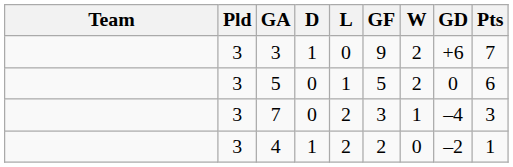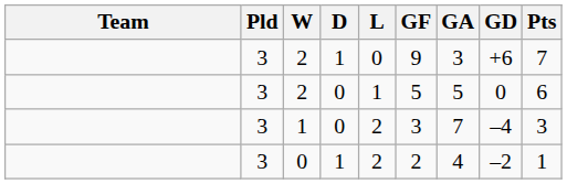 <table class="wikitable" style="text-align: center;">
 <tr>
 <th width="165">Team</th>
 <th width="20">Pld</th>
-<th width="20">GA</th>
+<th width="20">W</th>
 <th width="20">D</th>
 <th width="20">L</th>
 <th width="20">GF</th>
-<th width="20">W</th>
+<th width="20">GA</th>
 <th width="20">GD</th>
 <th width="20">Pts</th>
 </tr>
 <tr>
 <td style="text-align:left;"></td>
 <td>3</td>
-<td>3</td>
+<td>2</td>
 <td>1</td>
 <td>0</td>
 <td>9</td>
-<td>2</td>
+<td>3</td>
 <td>+6</td>
 <td>7</td>
 </tr>
 <tr>
 <td style="text-align:left;"></td>
 <td>3</td>
-<td>5</td>
+<td>2</td>
 <td>0</td>
 <td>1</td>
 <td>5</td>
-<td>2</td>
+<td>5</td>
 <td>0</td>
 <td>6</td>
 </tr>
 <tr bgcolor=>
 <td style="text-align:left;"></td>
 <td>3</td>
-<td>7</td>
+<td>1</td>
 <td>0</td>
 <td>2</td>
 <td>3</td>
-<td>1</td>
+<td>7</td>
 <td>–4</td>
 <td>3</td>
 </tr>
 <tr bgcolor=>
 <td style="text-align:left;"></td>
 <td>3</td>
-<td>4</td>
+<td>0</td>
 <td>1</td>
 <td>2</td>
 <td>2</td>
-<td>0</td>
+<td>4</td>
 <td>–2</td>
 <td>1</td>
 </tr>
 </table>
